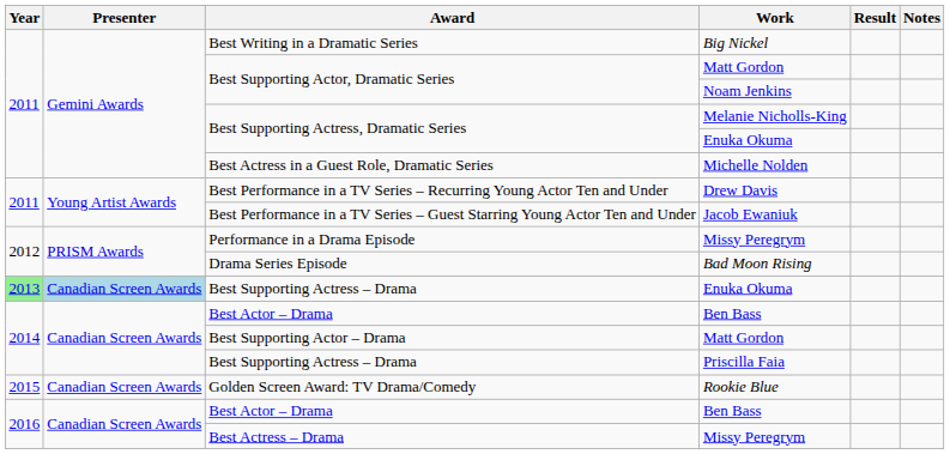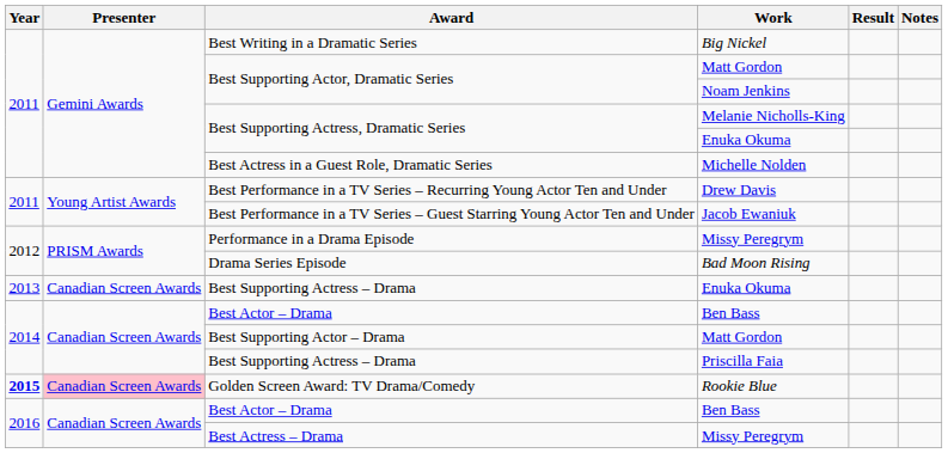 <table class="wikitable">
 <tr>
 <th>Year</th>
 <th>Presenter</th>
 <th>Award</th>
 <th>Work</th>
 <th>Result</th>
 <th>Notes</th>
 </tr>
 <tr>
 <td rowspan="6"><a href='#'>2011</a></td>
 <td rowspan="6"><a href='#'>Gemini Awards</a></td>
 <td>Best Writing in a Dramatic Series</td>
 <td><em>Big Nickel</em></td>
 <td></td>
 <td></td>
 </tr>
 <tr>
 <td rowspan="2">Best Supporting Actor, Dramatic Series</td>
 <td><a href='#'>Matt Gordon</a></td>
 <td></td>
 <td></td>
 </tr>
 <tr>
 <td><a href='#'>Noam Jenkins</a></td>
 <td></td>
 <td></td>
 </tr>
 <tr>
 <td rowspan="2">Best Supporting Actress, Dramatic Series</td>
 <td><a href='#'>Melanie Nicholls-King</a></td>
 <td></td>
 <td></td>
 </tr>
 <tr>
 <td><a href='#'>Enuka Okuma</a></td>
 <td></td>
 <td></td>
 </tr>
 <tr>
 <td>Best Actress in a Guest Role, Dramatic Series</td>
 <td><a href='#'>Michelle Nolden</a></td>
 <td></td>
 <td></td>
 </tr>
 <tr>
 <td rowspan="2"><a href='#'>2011</a></td>
 <td rowspan="2"><a href='#'>Young Artist Awards</a></td>
 <td>Best Performance in a TV Series – Recurring Young Actor Ten and Under</td>
 <td><a href='#'>Drew Davis</a></td>
 <td></td>
 <td></td>
 </tr>
 <tr>
 <td>Best Performance in a TV Series – Guest Starring Young Actor Ten and Under</td>
 <td><a href='#'>Jacob Ewaniuk</a></td>
 <td></td>
 <td></td>
 </tr>
 <tr>
 <td rowspan="2">2012</td>
 <td rowspan="2"><a href='#'>PRISM Awards</a></td>
 <td>Performance in a Drama Episode</td>
 <td><a href='#'>Missy Peregrym</a></td>
 <td></td>
 <td></td>
 </tr>
 <tr>
 <td>Drama Series Episode</td>
 <td><em>Bad Moon Rising</em></td>
 <td></td>
 <td></td>
 </tr>
 <tr>
-<td style="background: lightgreen;"><a href='#'>2013</a></td>
-<td style="background: lightblue;"><a href='#'>Canadian Screen Awards</a></td>
+<td><a href='#'>2013</a></td>
+<td><a href='#'>Canadian Screen Awards</a></td>
 <td>Best Supporting Actress – Drama</td>
 <td><a href='#'>Enuka Okuma</a></td>
 <td></td>
 <td></td>
 </tr>
 <tr>
 <td rowspan="3"><a href='#'>2014</a></td>
 <td rowspan="3"><a href='#'>Canadian Screen Awards</a></td>
 <td><a href='#'>Best Actor – Drama</a></td>
 <td><a href='#'>Ben Bass</a></td>
 <td></td>
 <td></td>
 </tr>
 <tr>
 <td>Best Supporting Actor – Drama</td>
 <td><a href='#'>Matt Gordon</a></td>
 <td></td>
 <td></td>
 </tr>
 <tr>
 <td>Best Supporting Actress – Drama</td>
 <td><a href='#'>Priscilla Faia</a></td>
 <td></td>
 <td></td>
 </tr>
 <tr>
-<td><a href='#'>2015</a></td>
-<td><a href='#'>Canadian Screen Awards</a></td>
+<td><strong><a href='#'>2015</a></strong></td>
+<td style="background: pink;"><a href='#'>Canadian Screen Awards</a></td>
 <td>Golden Screen Award: TV Drama/Comedy</td>
 <td><em>Rookie Blue</em></td>
 <td></td>
 <td></td>
 </tr>
 <tr>
 <td rowspan="2"><a href='#'>2016</a></td>
 <td rowspan="2"><a href='#'>Canadian Screen Awards</a></td>
 <td><a href='#'>Best Actor – Drama</a></td>
 <td><a href='#'>Ben Bass</a></td>
 <td></td>
 <td></td>
 </tr>
 <tr>
 <td><a href='#'>Best Actress – Drama</a></td>
 <td><a href='#'>Missy Peregrym</a></td>
 <td></td>
 <td></td>
 </tr>
 </table>
